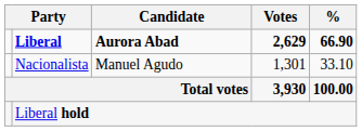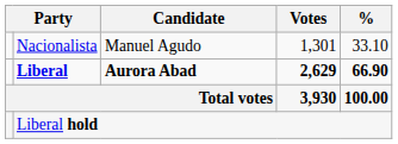 <table class="wikitable" style="font-size:90%; text-align:right;">
 <tr>
 <th colspan="2" style="width:75px;">Party</th>
 <th style="width:150px;">Candidate</th>
 <th style="width:50px;">Votes</th>
 <th style="width:10px;">%</th>
 </tr>
 <tr>
 <td style="background:"></td>
+<td style="text-align:left;"><a href='#'>Nacionalista</a></td>
+<td style="text-align:left;">Manuel Agudo</td>
+<td>1,301</td>
+<td>33.10</td>
+</tr>
+<tr>
+<td style="background:"></td>
 <td style="text-align:left;"><strong><a href='#'>Liberal</a></strong></td>
 <td style="text-align:left;"><strong>Aurora Abad</strong></td>
 <td><strong>2,629</strong></td>
 <td><strong>66.90</strong></td>
-</tr>
-<tr>
-<td style="background:"></td>
-<td style="text-align:left;"><a href='#'>Nacionalista</a></td>
-<td style="text-align:left;">Manuel Agudo</td>
-<td>1,301</td>
-<td>33.10</td>
 </tr>
 <tr style="background-color:#F6F6F6">
 <th colspan="3" style="text-align:right;">Total votes</th>
 <td><strong>3,930</strong></td>
 <td><strong>100.00</strong></td>
 </tr>
 <tr style="background-color:#F6F6F6">
 <td style="background:"></td>
 <td colspan="4" style="text-align:left;"><a href='#'>Liberal</a> <strong>hold</strong></td>
 </tr>
 </table>
